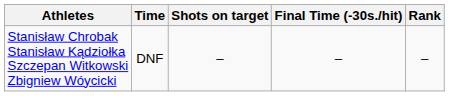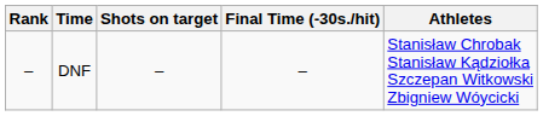 <table class="wikitable" style="font-size:90%">
 <tr>
-<th>Athletes</th>
+<th>Rank</th>
 <th>Time</th>
 <th>Shots on target</th>
 <th>Final Time (-30s./hit)</th>
-<th>Rank</th>
+<th>Athletes</th>
 </tr>
 <tr>
-<td><a href='#'>Stanisław Chrobak</a><br><a href='#'>Stanisław Kądziołka</a><br><a href='#'>Szczepan Witkowski</a><br><a href='#'>Zbigniew Wóycicki</a></td>
+<td align="center">–</td>
 <td align="center">DNF</td>
 <td align="center">–</td>
 <td align="center">–</td>
-<td align="center">–</td>
+<td><a href='#'>Stanisław Chrobak</a><br><a href='#'>Stanisław Kądziołka</a><br><a href='#'>Szczepan Witkowski</a><br><a href='#'>Zbigniew Wóycicki</a></td>
 </tr>
 </table>
